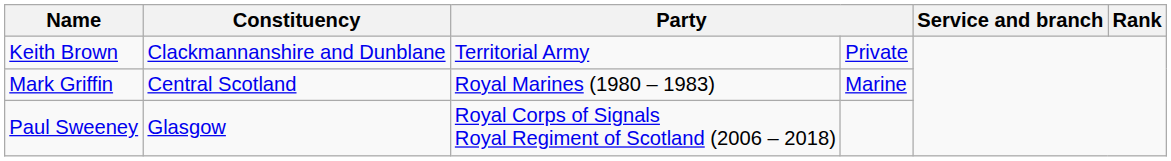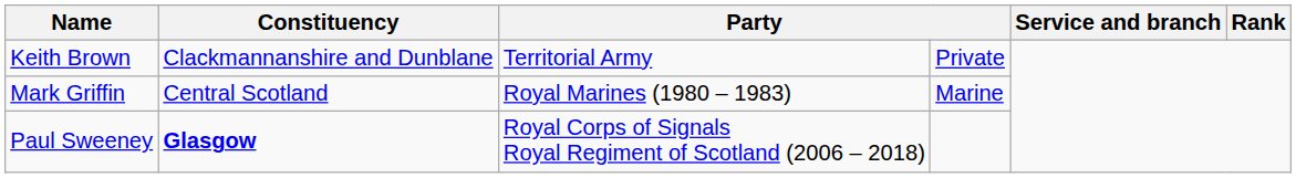 <table class="wikitable">
 <tr>
 <th>Name</th>
 <th>Constituency</th>
 <th colspan="2">Party</th>
 <th>Service and branch</th>
 <th>Rank</th>
 </tr>
 <tr class="vcard">
 <td><a href='#'>Keith Brown</a></td>
 <td><a href='#'>Clackmannanshire and Dunblane</a><br></td>
 <td><a href='#'>Territorial Army</a></td>
 <td><a href='#'>Private</a></td>
 </tr>
 <tr class="vcard">
 <td><a href='#'>Mark Griffin</a></td>
 <td><a href='#'>Central Scotland</a><br></td>
 <td><a href='#'>Royal Marines</a> (1980 – 1983)</td>
 <td><a href='#'>Marine</a></td>
 </tr>
 <tr class="vcard">
 <td><a href='#'>Paul Sweeney</a></td>
-<td><a href='#'>Glasgow</a><br></td>
+<td><strong><a href='#'>Glasgow</a><br></strong></td>
 <td><a href='#'>Royal Corps of Signals</a><br><a href='#'>Royal Regiment of Scotland</a> (2006 – 2018)</td>
 <td></td>
 </tr>
 </table>
